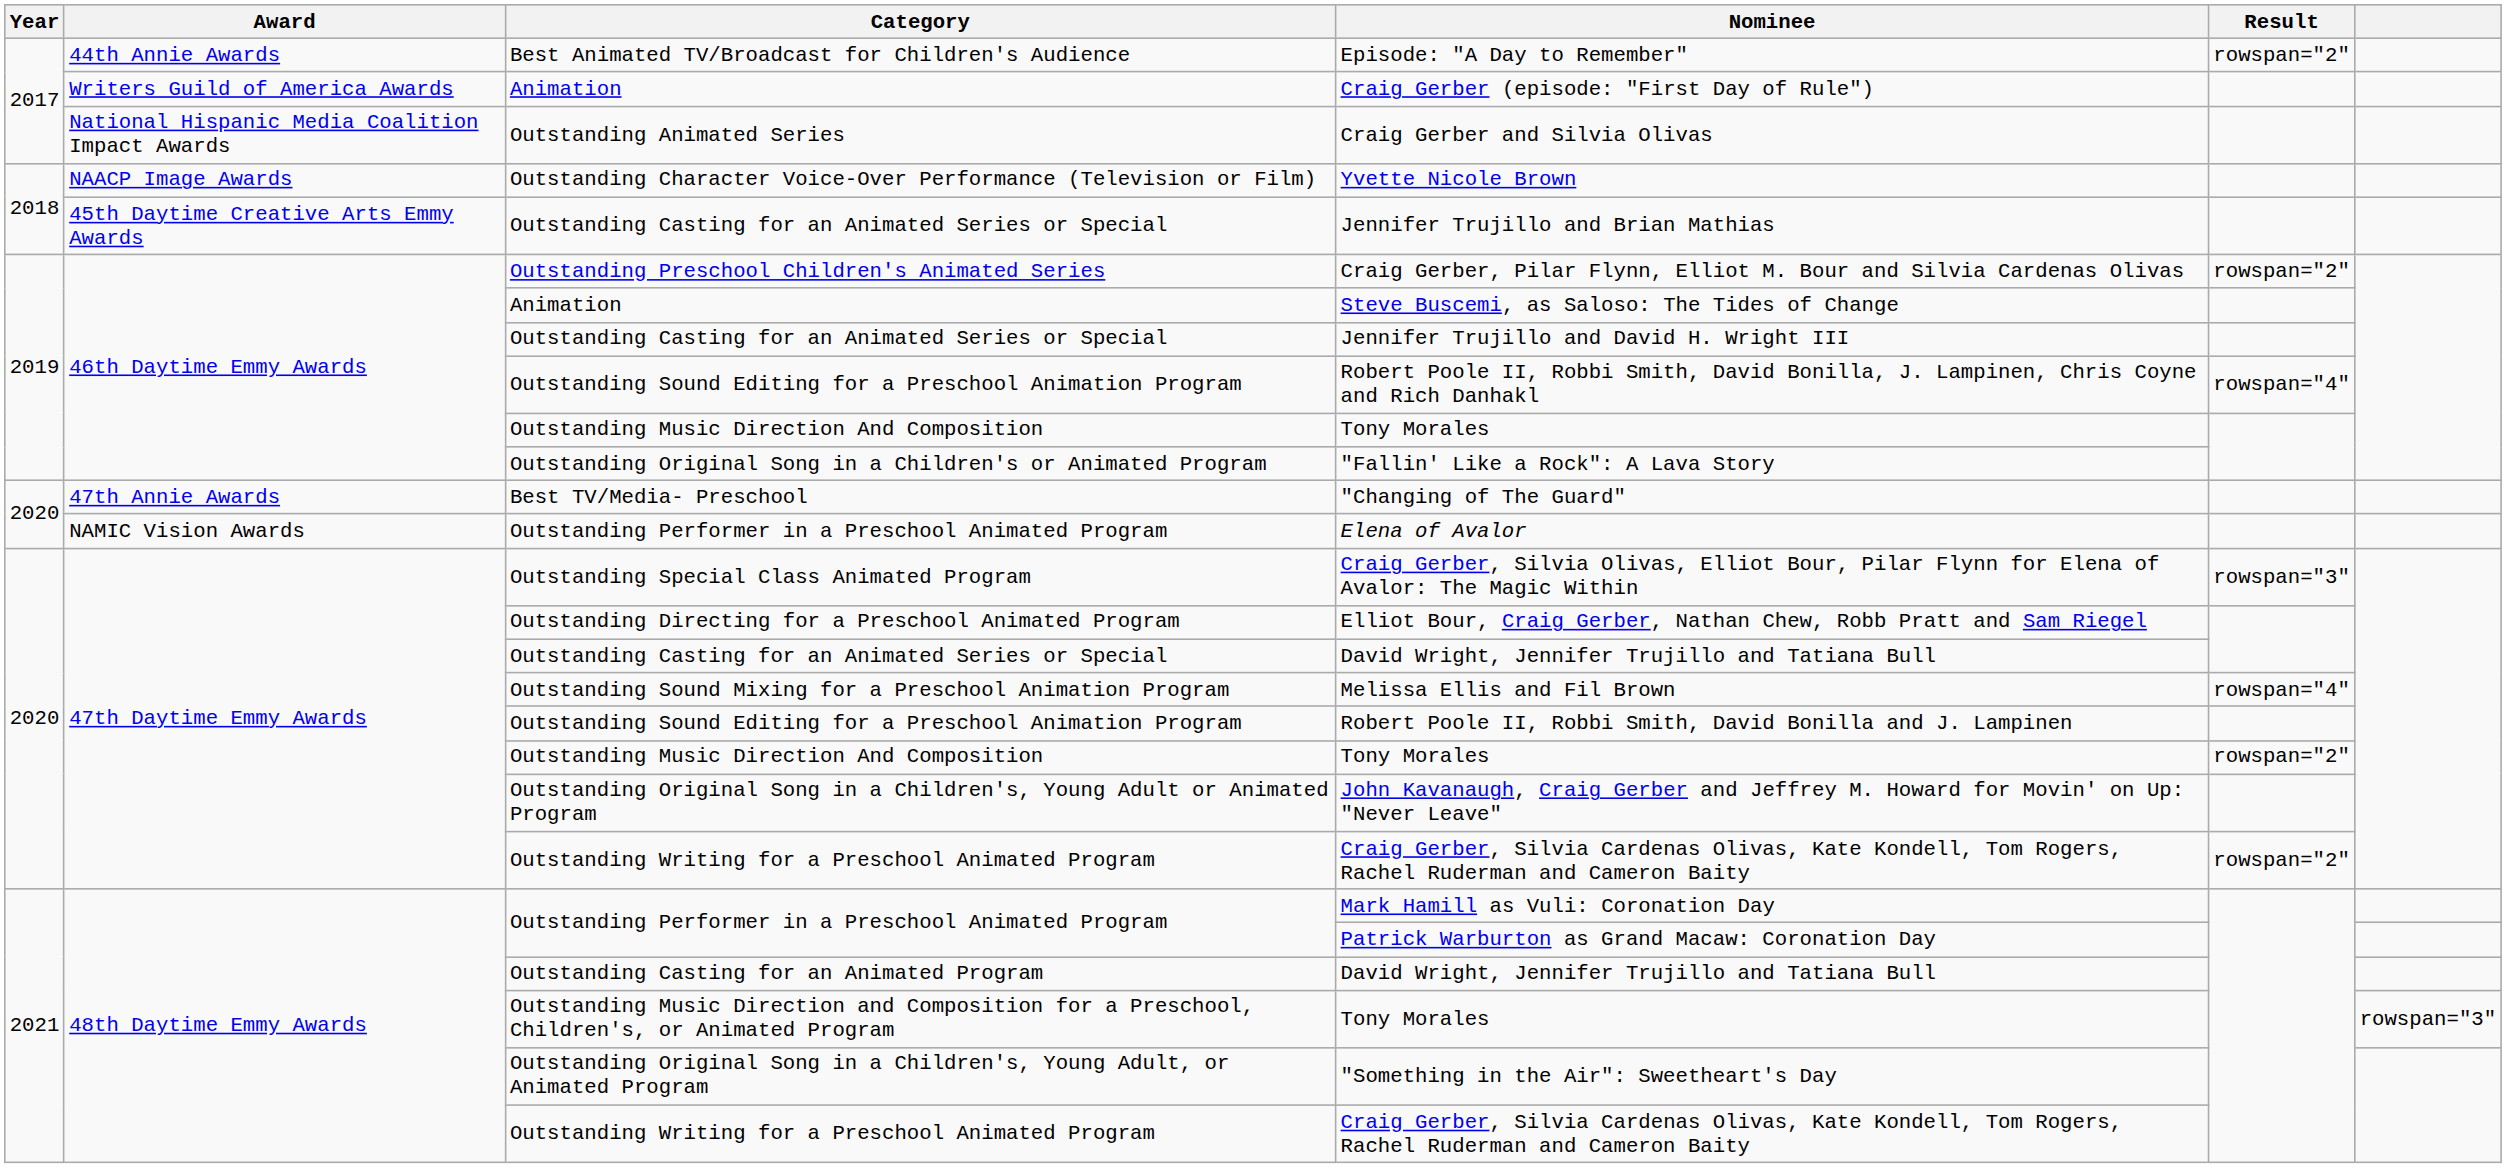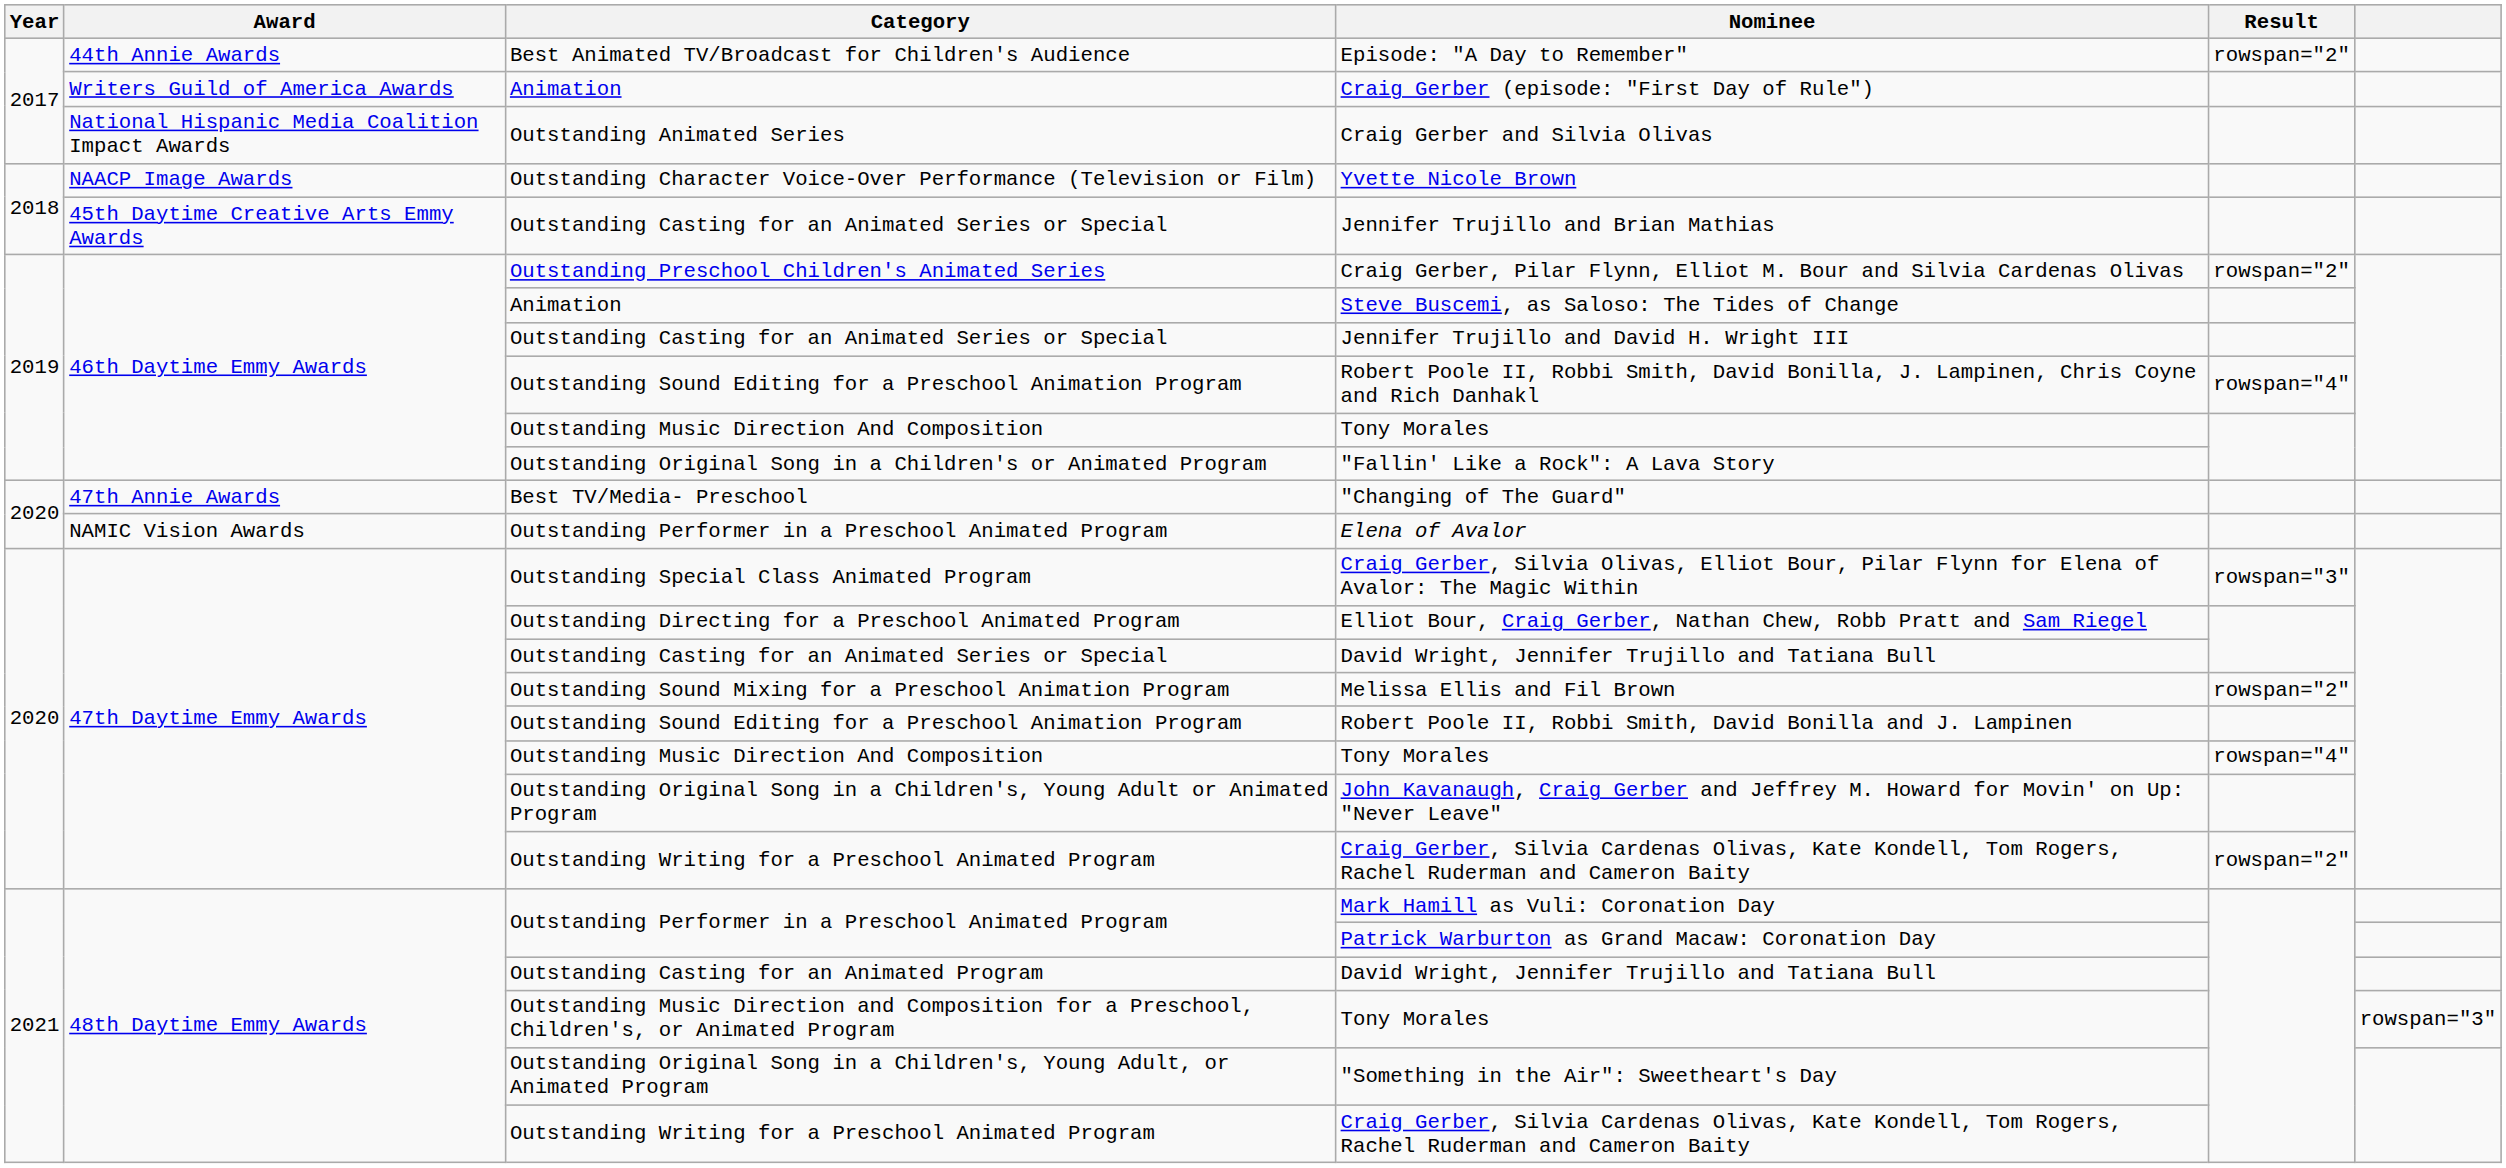 <table class="wikitable">
 <tr>
 <th>Year</th>
 <th>Award</th>
 <th>Category</th>
 <th>Nominee</th>
 <th>Result</th>
 <th></th>
 </tr>
 <tr>
 <td rowspan="3">2017</td>
 <td><a href='#'>44th Annie Awards</a></td>
 <td>Best Animated TV/Broadcast for Children's Audience</td>
 <td>Episode: "A Day to Remember"</td>
 <td>rowspan="2" </td>
 <td align=center></td>
 </tr>
 <tr>
 <td><a href='#'>Writers Guild of America Awards</a></td>
 <td><a href='#'>Animation</a></td>
 <td><a href='#'>Craig Gerber</a> (episode: "First Day of Rule")</td>
 <td align=center></td>
 </tr>
 <tr>
 <td><a href='#'>National Hispanic Media Coalition</a> Impact Awards</td>
 <td>Outstanding Animated Series</td>
 <td Craig Gerber and Silvia Olivas>Craig Gerber and Silvia Olivas</td>
 <td></td>
 <td align=center></td>
 </tr>
 <tr>
 <td rowspan="2">2018</td>
 <td><a href='#'>NAACP Image Awards</a></td>
 <td>Outstanding Character Voice-Over Performance (Television or Film)</td>
 <td><a href='#'>Yvette Nicole Brown</a></td>
 <td></td>
 <td align=center></td>
 </tr>
 <tr>
 <td><a href='#'>45th Daytime Creative Arts Emmy Awards</a></td>
 <td>Outstanding Casting for an Animated Series or Special</td>
 <td>Jennifer Trujillo and Brian Mathias</td>
 <td></td>
 <td align=center></td>
 </tr>
 <tr>
 <td rowspan="6">2019</td>
 <td rowspan="6"><a href='#'>46th Daytime Emmy Awards</a></td>
 <td><a href='#'>Outstanding Preschool Children's Animated Series</a></td>
 <td>Craig Gerber, Pilar Flynn, Elliot M. Bour and Silvia Cardenas Olivas</td>
 <td>rowspan="2" </td>
 <td rowspan="6" style="text-align:center;"></td>
 </tr>
 <tr>
 <td>Animation</td>
 <td><a href='#'>Steve Buscemi</a>, as Saloso: The Tides of Change</td>
 </tr>
 <tr>
 <td>Outstanding Casting for an Animated Series or Special</td>
 <td>Jennifer Trujillo and David H. Wright III</td>
 <td></td>
 </tr>
 <tr>
 <td>Outstanding Sound Editing for a Preschool Animation Program</td>
 <td>Robert Poole II, Robbi Smith, David Bonilla, J. Lampinen, Chris Coyne and Rich Danhakl</td>
 <td>rowspan="4" </td>
 </tr>
 <tr>
 <td>Outstanding Music Direction And Composition</td>
 <td>Tony Morales</td>
 </tr>
 <tr>
 <td>Outstanding Original Song in a Children's or Animated Program</td>
 <td>"Fallin' Like a Rock": A Lava Story</td>
 </tr>
 <tr>
 <td rowspan="2">2020</td>
 <td><a href='#'>47th Annie Awards</a></td>
 <td>Best TV/Media- Preschool</td>
 <td>"Changing of The Guard"</td>
 <td align=center></td>
 </tr>
 <tr>
 <td>NAMIC Vision Awards</td>
 <td>Outstanding Performer in a Preschool Animated Program</td>
 <td><em>Elena of Avalor</em></td>
 <td></td>
 <td align=center></td>
 </tr>
 <tr>
 <td rowspan="8">2020</td>
 <td rowspan="8"><a href='#'>47th Daytime Emmy Awards</a></td>
 <td>Outstanding Special Class Animated Program</td>
 <td><a href='#'>Craig Gerber</a>, Silvia Olivas, Elliot Bour, Pilar Flynn for Elena of Avalor: The Magic Within</td>
 <td>rowspan="3" </td>
 <td rowspan="8" style="text-align:center;"></td>
 </tr>
 <tr>
 <td>Outstanding Directing for a Preschool Animated Program</td>
 <td>Elliot Bour, <a href='#'>Craig Gerber</a>, Nathan Chew, Robb Pratt and <a href='#'>Sam Riegel</a></td>
 </tr>
 <tr>
 <td>Outstanding Casting for an Animated Series or Special</td>
 <td>David Wright, Jennifer Trujillo and Tatiana Bull</td>
 </tr>
 <tr>
 <td>Outstanding Sound Mixing for a Preschool Animation Program</td>
 <td>Melissa Ellis and Fil Brown</td>
-<td>rowspan="4" </td>
+<td>rowspan="2" </td>
 </tr>
 <tr>
 <td>Outstanding Sound Editing for a Preschool Animation Program</td>
 <td>Robert Poole II, Robbi Smith, David Bonilla and J. Lampinen</td>
 </tr>
 <tr>
 <td>Outstanding Music Direction And Composition</td>
 <td>Tony Morales</td>
-<td>rowspan="2" </td>
+<td>rowspan="4" </td>
 </tr>
 <tr>
 <td>Outstanding Original Song in a Children's, Young Adult or Animated Program</td>
 <td><a href='#'>John Kavanaugh</a>, <a href='#'>Craig Gerber</a> and Jeffrey M. Howard for Movin' on Up: "Never Leave"</td>
 </tr>
 <tr>
 <td>Outstanding Writing for a Preschool Animated Program</td>
 <td><a href='#'>Craig Gerber</a>, Silvia Cardenas Olivas, Kate Kondell, Tom Rogers, Rachel Ruderman and Cameron Baity</td>
 <td>rowspan="2" </td>
 </tr>
 <tr>
 <td rowspan="6">2021</td>
 <td rowspan="6"><a href='#'>48th Daytime Emmy Awards</a></td>
 <td rowspan="2">Outstanding Performer in a Preschool Animated Program</td>
 <td><a href='#'>Mark Hamill</a> as Vuli: Coronation Day</td>
 <td rowspan="6" style="text-align:center;"></td>
 </tr>
 <tr>
 <td><a href='#'>Patrick Warburton</a> as Grand Macaw: Coronation Day</td>
 <td></td>
 </tr>
 <tr>
 <td>Outstanding Casting for an Animated Program</td>
 <td>David Wright, Jennifer Trujillo and Tatiana Bull</td>
 <td></td>
 </tr>
 <tr>
 <td>Outstanding Music Direction and Composition for a Preschool, Children's, or Animated Program</td>
 <td>Tony Morales</td>
 <td>rowspan="3" </td>
 </tr>
 <tr>
 <td>Outstanding Original Song in a Children's, Young Adult, or Animated Program</td>
 <td>"Something in the Air": Sweetheart's Day</td>
 </tr>
 <tr>
 <td>Outstanding Writing for a Preschool Animated Program</td>
 <td><a href='#'>Craig Gerber</a>, Silvia Cardenas Olivas, Kate Kondell, Tom Rogers, Rachel Ruderman and Cameron Baity</td>
 </tr>
 </table>
